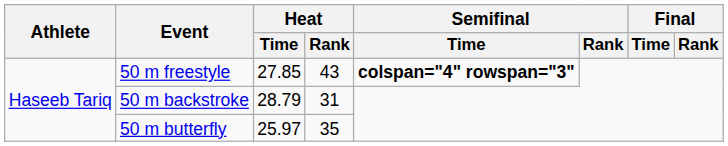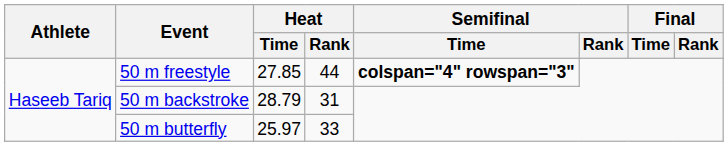 <table class=wikitable style=font-size:90%>
 <tr>
 <th rowspan=2>Athlete</th>
 <th rowspan=2>Event</th>
 <th colspan=2>Heat</th>
 <th colspan=2>Semifinal</th>
 <th colspan=2>Final</th>
 </tr>
 <tr style=font-size:95%>
 <th>Time</th>
 <th>Rank</th>
 <th>Time</th>
 <th>Rank</th>
 <th>Time</th>
 <th>Rank</th>
 </tr>
 <tr align=center>
 <td align=left rowspan=3><a href='#'>Haseeb Tariq</a></td>
 <td align=left rowspan="1"><a href='#'>50 m freestyle</a></td>
 <td>27.85</td>
-<td>43</td>
+<td>44</td>
 <td><strong>colspan="4" rowspan="3"</strong></td>
 </tr>
 <tr align=center>
 <td style="text-align:left;"><a href='#'>50 m backstroke</a></td>
 <td>28.79</td>
 <td>31</td>
 </tr>
 <tr align=center>
 <td align=left rowspan="1"><a href='#'>50 m butterfly</a></td>
 <td>25.97</td>
-<td>35</td>
+<td>33</td>
 </tr>
 </table>
